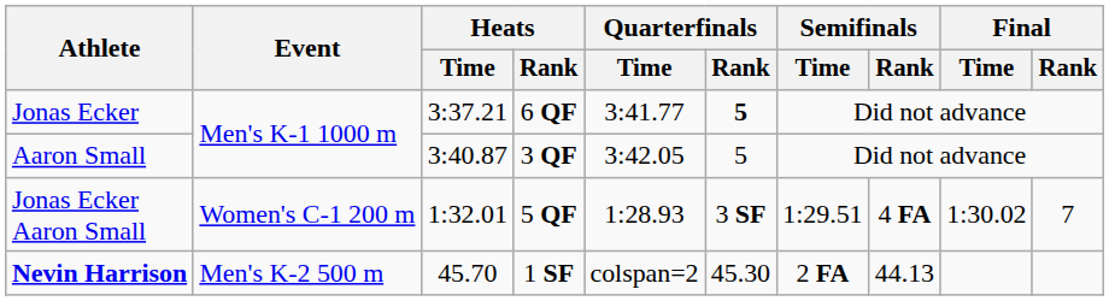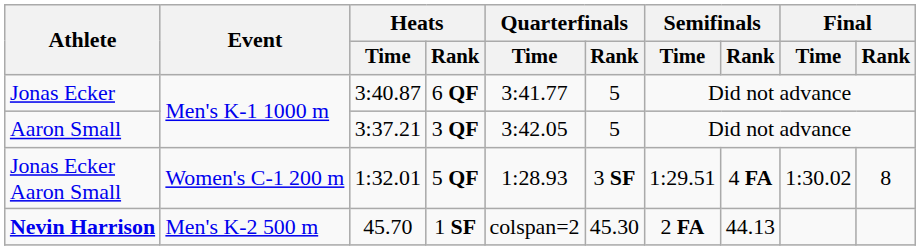 <table class=wikitable style=font-size:90%;text-align:center>
 <tr>
 <th rowspan=2>Athlete</th>
 <th rowspan=2>Event</th>
 <th colspan=2>Heats</th>
 <th colspan=2>Quarterfinals</th>
 <th colspan=2>Semifinals</th>
 <th colspan=2>Final</th>
 </tr>
 <tr style=font-size:95%>
 <th>Time</th>
 <th>Rank</th>
 <th>Time</th>
 <th>Rank</th>
 <th>Time</th>
 <th>Rank</th>
 <th>Time</th>
 <th>Rank</th>
 </tr>
 <tr>
 <td align=left><a href='#'>Jonas Ecker</a></td>
 <td align=left rowspan=2><a href='#'>Men's K-1 1000 m</a></td>
-<td>3:37.21</td>
+<td>3:40.87</td>
 <td>6 <strong>QF</strong></td>
 <td>3:41.77</td>
-<td><strong>5</strong></td>
+<td>5</td>
 <td colspan=4>Did not advance</td>
 </tr>
 <tr>
 <td align=left><a href='#'>Aaron Small</a></td>
-<td>3:40.87</td>
+<td>3:37.21</td>
 <td>3 <strong>QF</strong></td>
 <td>3:42.05</td>
 <td>5</td>
 <td colspan=4>Did not advance</td>
 </tr>
 <tr>
 <td align=left><a href='#'>Jonas Ecker</a><br><a href='#'>Aaron Small</a></td>
 <td align=left><a href='#'>Women's C-1 200 m</a></td>
 <td>1:32.01</td>
 <td>5 <strong>QF</strong></td>
 <td>1:28.93</td>
 <td>3 <strong>SF</strong></td>
 <td>1:29.51</td>
 <td>4 <strong>FA</strong></td>
 <td>1:30.02</td>
-<td>7</td>
+<td>8</td>
 </tr>
 <tr>
 <td align=left><strong><a href='#'>Nevin Harrison</a></strong></td>
 <td align=left><a href='#'>Men's K-2 500 m</a></td>
 <td>45.70</td>
 <td>1 <strong>SF</strong></td>
 <td>colspan=2 </td>
 <td>45.30</td>
 <td>2 <strong>FA</strong></td>
 <td>44.13</td>
 <td></td>
 </tr>
 </table>
